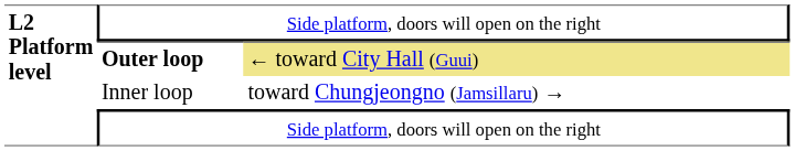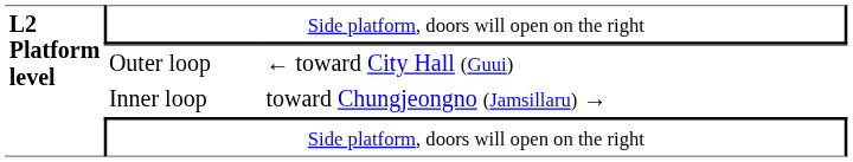 <table table border=0 cellspacing=0 cellpadding=3>
 <tr>
 <td style="border-top:solid 1px gray;border-bottom:solid 1px gray;" width=50 rowspan=10 valign=top><strong>L2<br>Platform level</strong></td>
 <td style="border-top:solid 1px gray;border-right:solid 2px black;border-left:solid 2px black;border-bottom:solid 2px black;text-align:center;" colspan=2><small><a href='#'>Side platform</a>, doors will open on the right </small></td>
 </tr>
 <tr>
-<td style="border-bottom:solid 0px gray;border-top:solid 1px gray;" width=100><strong>Outer loop</strong></td>
-<td style="background: khaki; border-bottom:solid 0px gray;border-top:solid 1px gray;" width=390>←  toward <a href='#'>City Hall</a> <small>(<a href='#'>Guui</a>)</small></td>
+<td style="border-bottom:solid 0px gray;border-top:solid 1px gray;" width=100>Outer loop</td>
+<td style="border-bottom:solid 0px gray;border-top:solid 1px gray;" width=390>←  toward <a href='#'>City Hall</a> <small>(<a href='#'>Guui</a>)</small></td>
 </tr>
 <tr>
 <td>Inner loop</td>
 <td>  toward <a href='#'>Chungjeongno</a> <small>(<a href='#'>Jamsillaru</a>)</small> →</td>
 </tr>
 <tr>
 <td style="border-top:solid 2px black;border-right:solid 2px black;border-left:solid 2px black;border-bottom:solid 1px gray;text-align:center;" colspan=2><small><a href='#'>Side platform</a>, doors will open on the right </small></td>
 </tr>
 </table>
